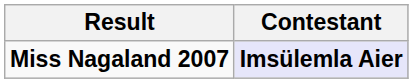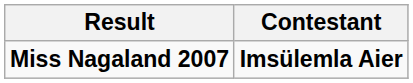 <table class="wikitable">
 <tr>
 <th>Result</th>
 <th>Contestant</th>
 </tr>
 <tr>
 <td><strong>Miss Nagaland 2007</strong></td>
-<td style="background: lavender;"><strong>Imsülemla Aier</strong></td>
+<td><strong>Imsülemla Aier</strong></td>
 </tr>
 </table>
